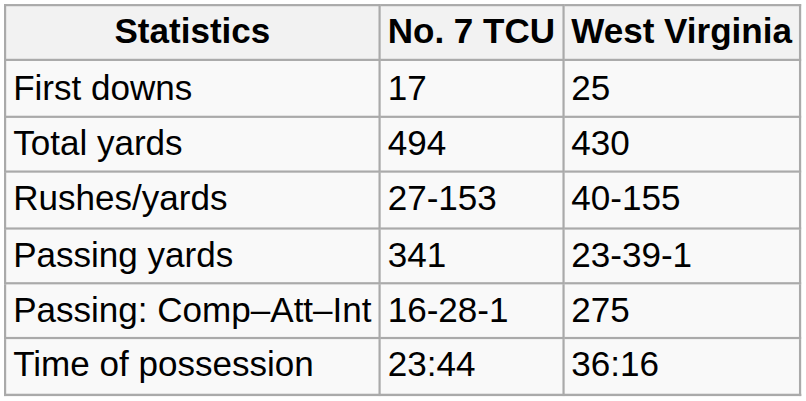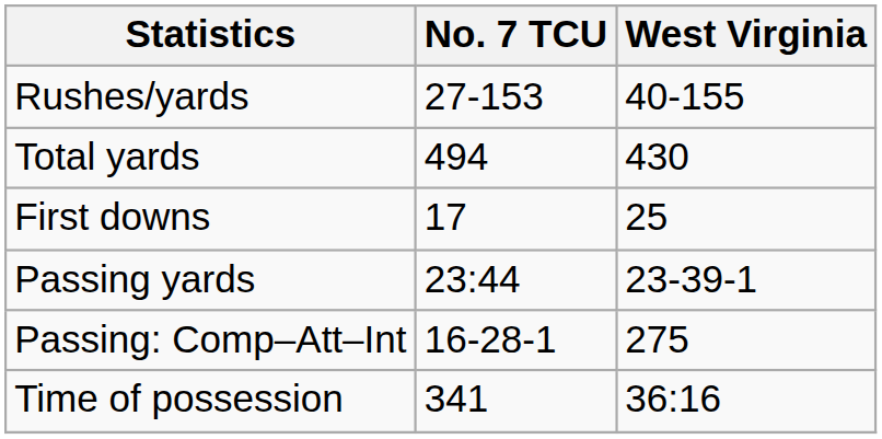 <table class="wikitable" style="float: left;">
 <tr>
 <th>Statistics</th>
 <th>No. 7 TCU</th>
 <th>West Virginia</th>
 </tr>
 <tr>
-<td>First downs</td>
-<td>17</td>
-<td>25</td>
+<td>Rushes/yards</td>
+<td>27-153</td>
+<td>40-155</td>
 </tr>
 <tr>
 <td>Total yards</td>
 <td>494</td>
 <td>430</td>
 </tr>
 <tr>
-<td>Rushes/yards</td>
-<td>27-153</td>
-<td>40-155</td>
+<td>First downs</td>
+<td>17</td>
+<td>25</td>
 </tr>
 <tr>
 <td>Passing yards</td>
-<td>341</td>
+<td>23:44</td>
 <td>23-39-1</td>
 </tr>
 <tr>
 <td>Passing: Comp–Att–Int</td>
 <td>16-28-1</td>
 <td>275</td>
 </tr>
 <tr>
 <td>Time of possession</td>
-<td>23:44</td>
+<td>341</td>
 <td>36:16</td>
 </tr>
 <tr>
 </tr>
 </table>
